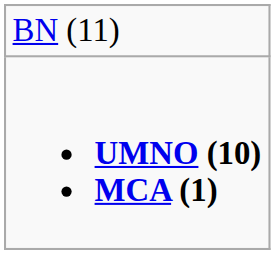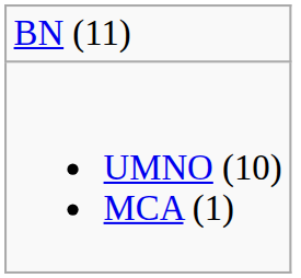 <table class="wikitable">
 <tr>
 <td> <a href='#'>BN</a> (11)</td>
 </tr>
 <tr>
-<td><strong><br><ul><li> <a href='#'>UMNO</a> (10)</li><li> <a href='#'>MCA</a> (1)</li></ul></strong></td>
+<td><br><ul><li> <a href='#'>UMNO</a> (10)</li><li> <a href='#'>MCA</a> (1)</li></ul></td>
 </tr>
 </table>
